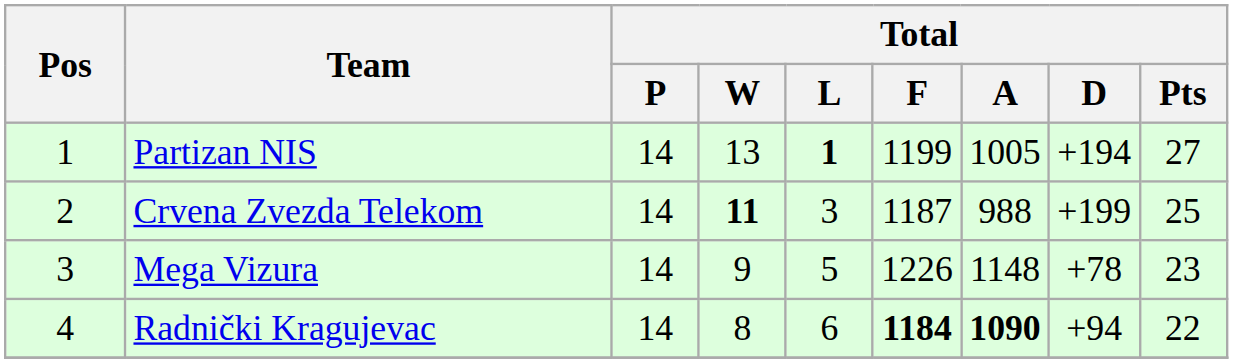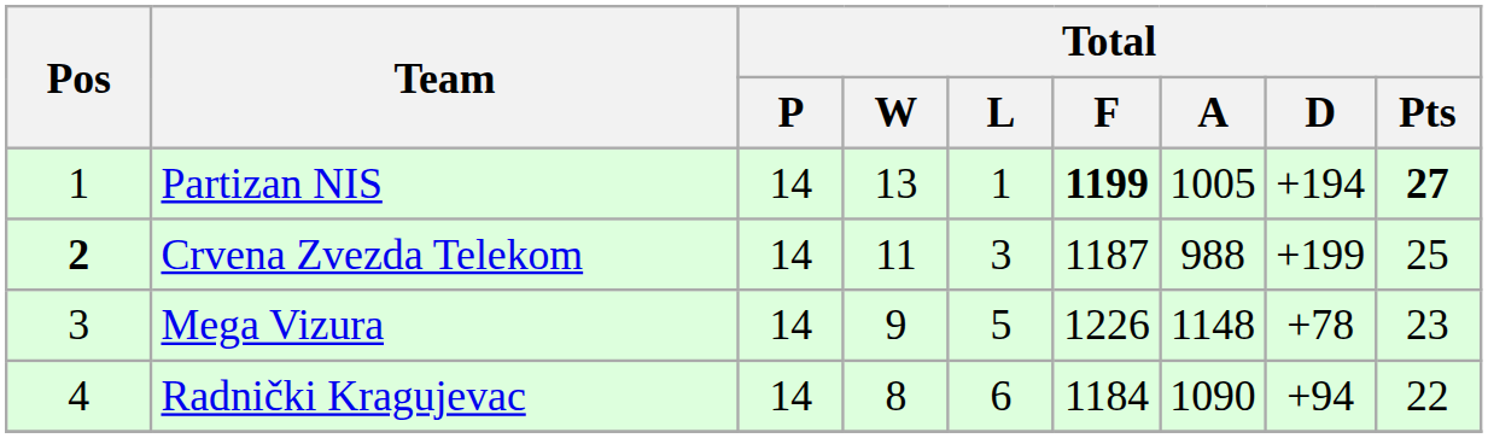 <table class="wikitable sortable" style="text-align: center; font-size:95%">
 <tr>
 <th width="44" rowspan=2>Pos</th>
 <th width="200" rowspan=2>Team</th>
 <th colspan=7>Total</th>
 </tr>
 <tr>
 <th width="30"><strong>P</strong></th>
 <th width="30"><strong>W</strong></th>
 <th width="30"><strong>L</strong></th>
 <th width="30"><strong>F</strong></th>
 <th width="30"><strong>A</strong></th>
 <th width="30"><strong>D</strong></th>
 <th width="30"><strong>Pts</strong></th>
 </tr>
 <tr style="background: #ddffdd">
 <td>1</td>
 <td align="left"><a href='#'>Partizan NIS</a></td>
 <td>14</td>
 <td>13</td>
-<td><strong>1</strong></td>
-<td>1199</td>
+<td>1</td>
+<td><strong>1199</strong></td>
 <td>1005</td>
 <td>+194</td>
-<td>27</td>
+<td><strong>27</strong></td>
 </tr>
 <tr style="background: #ddffdd">
-<td>2</td>
+<td><strong>2</strong></td>
 <td align="left"><a href='#'>Crvena Zvezda Telekom</a></td>
 <td>14</td>
-<td><strong>11</strong></td>
+<td>11</td>
 <td>3</td>
 <td>1187</td>
 <td>988</td>
 <td>+199</td>
 <td>25</td>
 </tr>
 <tr style="background: #ddffdd">
 <td>3</td>
 <td align="left"><a href='#'>Mega Vizura</a></td>
 <td>14</td>
 <td>9</td>
 <td>5</td>
 <td>1226</td>
 <td>1148</td>
 <td>+78</td>
 <td>23</td>
 </tr>
 <tr style="background: #ddffdd">
 <td>4</td>
 <td align="left"><a href='#'>Radnički Kragujevac</a></td>
 <td>14</td>
 <td>8</td>
 <td>6</td>
-<td><strong>1184</strong></td>
-<td><strong>1090</strong></td>
+<td>1184</td>
+<td>1090</td>
 <td>+94</td>
 <td>22</td>
 </tr>
 <tr>
 </tr>
 </table>
